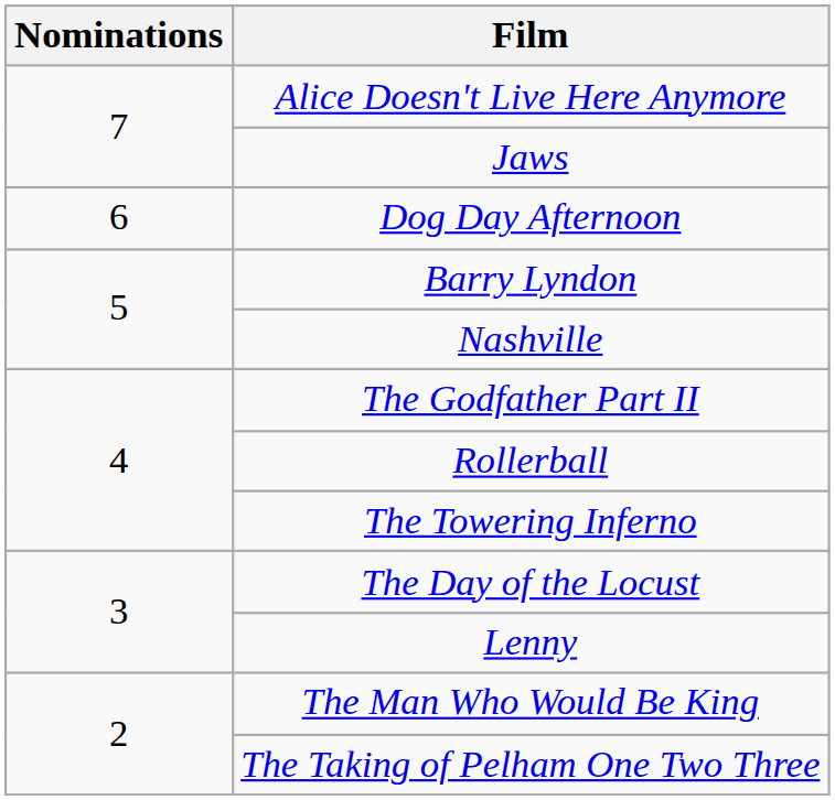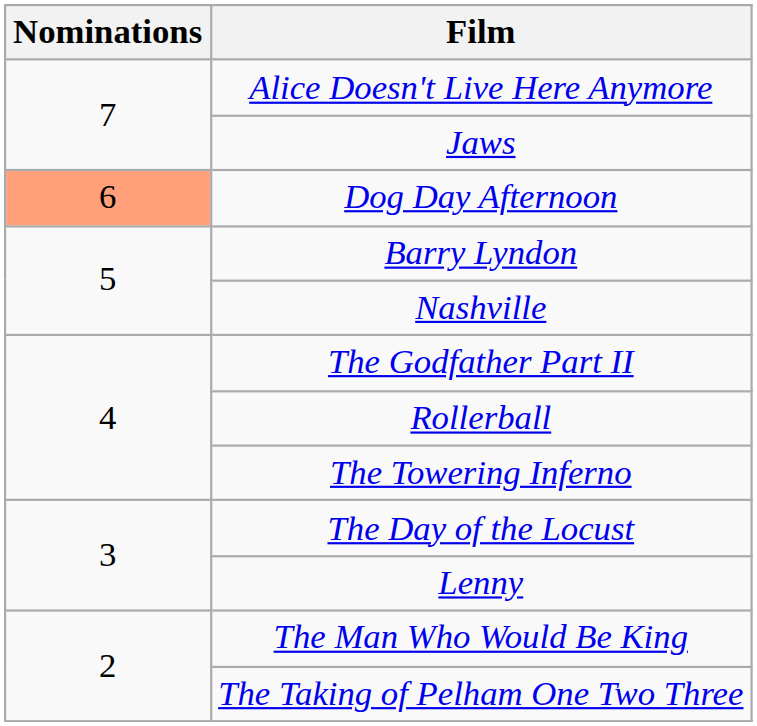 <table class="wikitable" style="text-align:center;">
 <tr>
 <th style="background:">Nominations</th>
 <th style="background:">Film</th>
 </tr>
 <tr>
 <td rowspan="2">7</td>
 <td><em><a href='#'>Alice Doesn't Live Here Anymore</a></em></td>
 </tr>
 <tr>
 <td><em><a href='#'>Jaws</a></em></td>
 </tr>
 <tr>
-<td>6</td>
+<td style="background: lightsalmon;">6</td>
 <td><em><a href='#'>Dog Day Afternoon</a></em></td>
 </tr>
 <tr>
 <td rowspan="2">5</td>
 <td><em><a href='#'>Barry Lyndon</a></em></td>
 </tr>
 <tr>
 <td><em><a href='#'>Nashville</a></em></td>
 </tr>
 <tr>
 <td rowspan="3">4</td>
 <td><em><a href='#'>The Godfather Part II</a></em></td>
 </tr>
 <tr>
 <td><em><a href='#'>Rollerball</a></em></td>
 </tr>
 <tr>
 <td><em><a href='#'>The Towering Inferno</a></em></td>
 </tr>
 <tr>
 <td rowspan="2">3</td>
 <td><em><a href='#'>The Day of the Locust</a></em></td>
 </tr>
 <tr>
 <td><em><a href='#'>Lenny</a></em></td>
 </tr>
 <tr>
 <td rowspan="2">2</td>
 <td><em><a href='#'>The Man Who Would Be King</a></em></td>
 </tr>
 <tr>
 <td><em><a href='#'>The Taking of Pelham One Two Three</a></em></td>
 </tr>
 </table>
